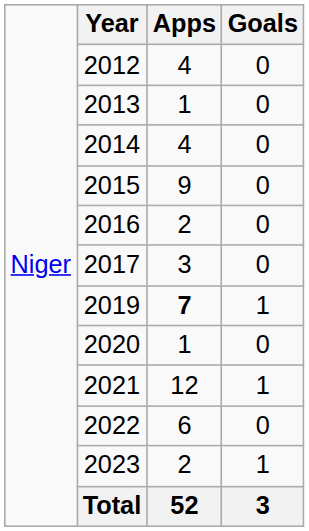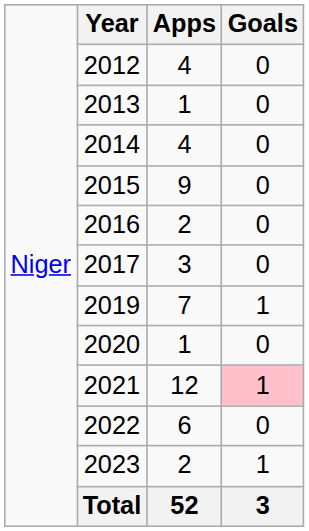 <table class="wikitable" style="text-align:center">
 <tr>
 <td rowspan="13"><a href='#'>Niger</a></td>
 <th>Year</th>
 <th>Apps</th>
 <th>Goals</th>
 </tr>
 <tr>
 <td>2012</td>
 <td>4</td>
 <td>0</td>
 </tr>
 <tr>
 <td>2013</td>
 <td>1</td>
 <td>0</td>
 </tr>
 <tr>
 <td>2014</td>
 <td>4</td>
 <td>0</td>
 </tr>
 <tr>
 <td>2015</td>
 <td>9</td>
 <td>0</td>
 </tr>
 <tr>
 <td>2016</td>
 <td>2</td>
 <td>0</td>
 </tr>
 <tr>
 <td>2017</td>
 <td>3</td>
 <td>0</td>
 </tr>
 <tr>
 <td>2019</td>
-<td><strong>7</strong></td>
+<td>7</td>
 <td>1</td>
 </tr>
 <tr>
 <td>2020</td>
 <td>1</td>
 <td>0</td>
 </tr>
 <tr>
 <td>2021</td>
 <td>12</td>
-<td>1</td>
+<td style="background: pink;">1</td>
 </tr>
 <tr>
 <td>2022</td>
 <td>6</td>
 <td>0</td>
 </tr>
 <tr>
 <td>2023</td>
 <td>2</td>
 <td>1</td>
 </tr>
 <tr>
 <th>Total</th>
 <th>52</th>
 <th>3</th>
 </tr>
 </table>
